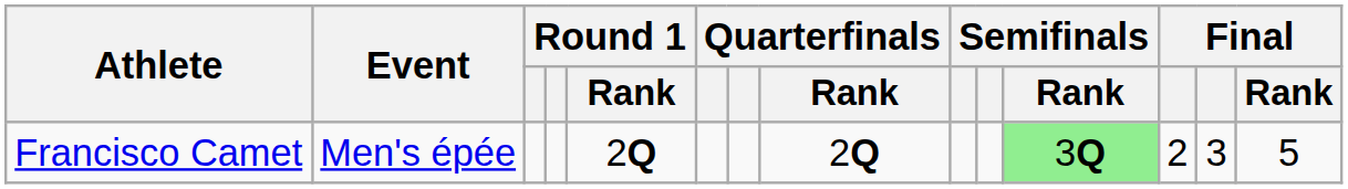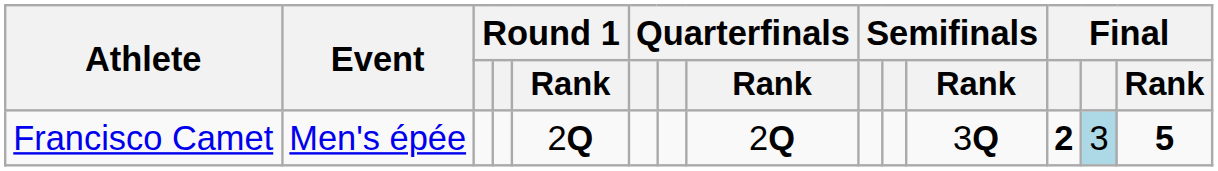 <table class="wikitable" style="font-size:90%">
 <tr>
 <th rowspan=2>Athlete</th>
 <th rowspan=2>Event</th>
 <th colspan=3>Round 1</th>
 <th colspan=3>Quarterfinals</th>
 <th colspan=3>Semifinals</th>
 <th colspan=3>Final</th>
 </tr>
 <tr style="font-size:95%">
 <th></th>
 <th></th>
 <th>Rank</th>
 <th></th>
 <th></th>
 <th>Rank</th>
 <th></th>
 <th></th>
 <th>Rank</th>
 <th></th>
 <th></th>
 <th>Rank</th>
 </tr>
 <tr align=center>
 <td align=left><a href='#'>Francisco Camet</a></td>
 <td align=left><a href='#'>Men's épée</a></td>
 <td></td>
 <td></td>
 <td>2<strong>Q</strong></td>
 <td></td>
 <td></td>
 <td>2<strong>Q</strong></td>
 <td></td>
 <td></td>
-<td style="background: lightgreen;">3<strong>Q</strong></td>
-<td>2</td>
-<td>3</td>
-<td>5</td>
+<td>3<strong>Q</strong></td>
+<td><strong>2</strong></td>
+<td style="background: lightblue;">3</td>
+<td><strong>5</strong></td>
 </tr>
 </table>
